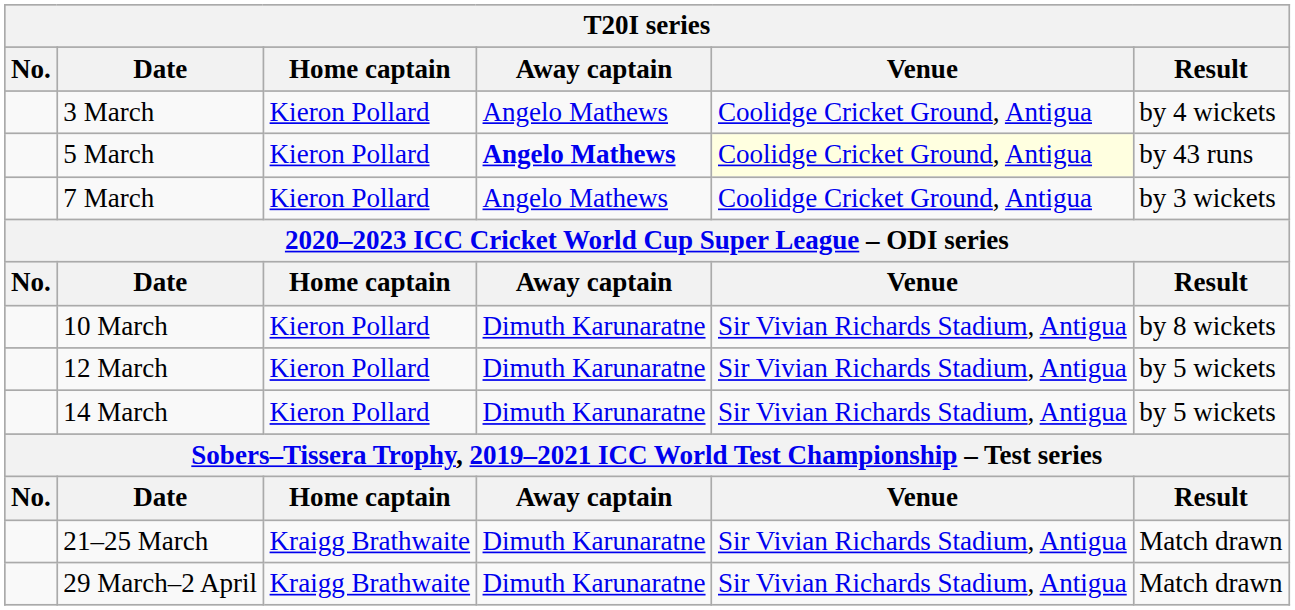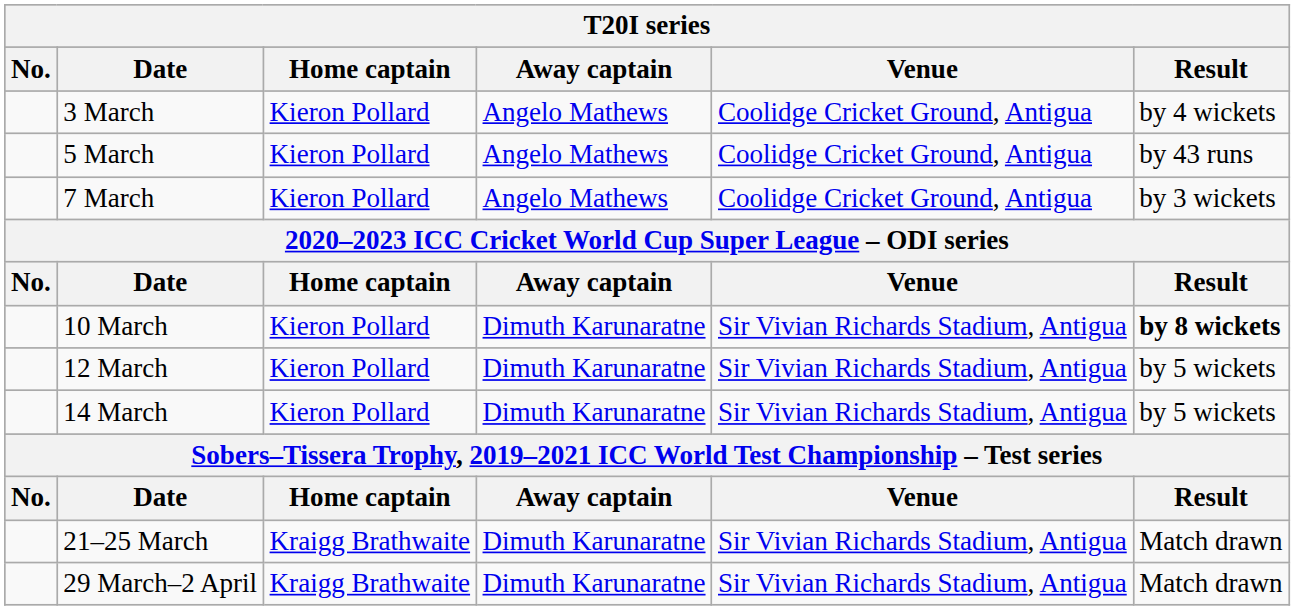 <table class="wikitable">
 <tr>
 <th colspan="9">T20I series</th>
 </tr>
 <tr>
 <th>No.</th>
 <th>Date</th>
 <th>Home captain</th>
 <th>Away captain</th>
 <th>Venue</th>
 <th>Result</th>
 </tr>
 <tr>
 <td></td>
 <td>3 March</td>
 <td><a href='#'>Kieron Pollard</a></td>
 <td><a href='#'>Angelo Mathews</a></td>
 <td><a href='#'>Coolidge Cricket Ground</a>, <a href='#'>Antigua</a></td>
 <td> by 4 wickets</td>
 </tr>
 <tr>
 <td></td>
 <td>5 March</td>
 <td><a href='#'>Kieron Pollard</a></td>
-<td><strong><a href='#'>Angelo Mathews</a></strong></td>
-<td style="background: lightyellow;"><a href='#'>Coolidge Cricket Ground</a>, <a href='#'>Antigua</a></td>
+<td><a href='#'>Angelo Mathews</a></td>
+<td><a href='#'>Coolidge Cricket Ground</a>, <a href='#'>Antigua</a></td>
 <td> by 43 runs</td>
 </tr>
 <tr>
 <td></td>
 <td>7 March</td>
 <td><a href='#'>Kieron Pollard</a></td>
 <td><a href='#'>Angelo Mathews</a></td>
 <td><a href='#'>Coolidge Cricket Ground</a>, <a href='#'>Antigua</a></td>
 <td> by 3 wickets</td>
 </tr>
 <tr>
 <th colspan="9"><a href='#'>2020–2023 ICC Cricket World Cup Super League</a> – ODI series</th>
 </tr>
 <tr>
 <th>No.</th>
 <th>Date</th>
 <th>Home captain</th>
 <th>Away captain</th>
 <th>Venue</th>
 <th>Result</th>
 </tr>
 <tr>
 <td></td>
 <td>10 March</td>
 <td><a href='#'>Kieron Pollard</a></td>
 <td><a href='#'>Dimuth Karunaratne</a></td>
 <td><a href='#'>Sir Vivian Richards Stadium</a>, <a href='#'>Antigua</a></td>
-<td> by 8 wickets</td>
+<td><strong> by 8 wickets</strong></td>
 </tr>
 <tr>
 <td></td>
 <td>12 March</td>
 <td><a href='#'>Kieron Pollard</a></td>
 <td><a href='#'>Dimuth Karunaratne</a></td>
 <td><a href='#'>Sir Vivian Richards Stadium</a>, <a href='#'>Antigua</a></td>
 <td> by 5 wickets</td>
 </tr>
 <tr>
 <td></td>
 <td>14 March</td>
 <td><a href='#'>Kieron Pollard</a></td>
 <td><a href='#'>Dimuth Karunaratne</a></td>
 <td><a href='#'>Sir Vivian Richards Stadium</a>, <a href='#'>Antigua</a></td>
 <td> by 5 wickets</td>
 </tr>
 <tr>
 <th colspan="9"><a href='#'>Sobers–Tissera Trophy</a>, <a href='#'>2019–2021 ICC World Test Championship</a> – Test series</th>
 </tr>
 <tr>
 <th>No.</th>
 <th>Date</th>
 <th>Home captain</th>
 <th>Away captain</th>
 <th>Venue</th>
 <th>Result</th>
 </tr>
 <tr>
 <td></td>
 <td>21–25 March</td>
 <td><a href='#'>Kraigg Brathwaite</a></td>
 <td><a href='#'>Dimuth Karunaratne</a></td>
 <td><a href='#'>Sir Vivian Richards Stadium</a>, <a href='#'>Antigua</a></td>
 <td>Match drawn</td>
 </tr>
 <tr>
 <td></td>
 <td>29 March–2 April</td>
 <td><a href='#'>Kraigg Brathwaite</a></td>
 <td><a href='#'>Dimuth Karunaratne</a></td>
 <td><a href='#'>Sir Vivian Richards Stadium</a>, <a href='#'>Antigua</a></td>
 <td>Match drawn</td>
 </tr>
 </table>
